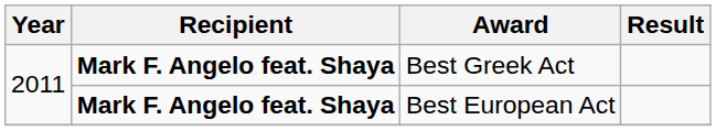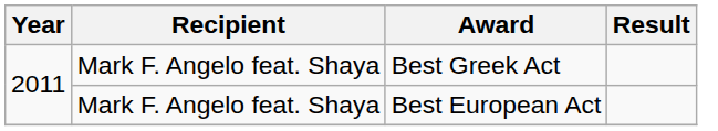 <table class="wikitable">
 <tr>
 <th>Year</th>
 <th>Recipient</th>
 <th>Award</th>
 <th>Result</th>
 </tr>
 <tr>
 <td rowspan="2">2011</td>
-<td><strong>Mark F. Angelo feat. Shaya</strong></td>
+<td>Mark F. Angelo feat. Shaya</td>
 <td>Best Greek Act</td>
 <td></td>
 </tr>
 <tr>
-<td><strong>Mark F. Angelo feat. Shaya</strong></td>
+<td>Mark F. Angelo feat. Shaya</td>
 <td>Best European Act</td>
 <td></td>
 </tr>
 <tr>
 </tr>
 </table>
